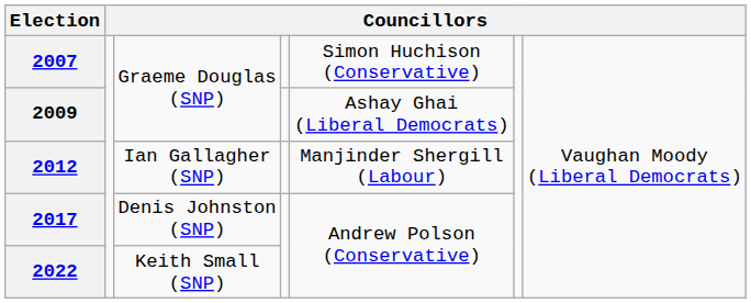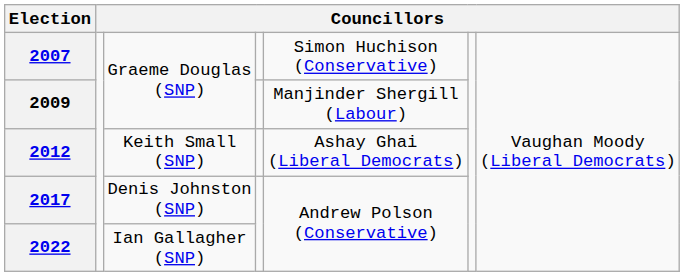 <table class="wikitable" style="text-align:center">
 <tr>
 <th>Election</th>
 <th colspan=6>Councillors</th>
 </tr>
 <tr>
 <th><a href='#'>2007</a></th>
 <td rowspan=5; style="background-color: "></td>
 <td rowspan=2>Graeme Douglas<br>(<a href='#'>SNP</a>)</td>
 <td rowspan=1; style="background-color: "></td>
 <td rowspan=1>Simon Huchison<br>(<a href='#'>Conservative</a>)</td>
 <td rowspan=5; style="background-color: "></td>
 <td rowspan=5>Vaughan Moody<br>(<a href='#'>Liberal Democrats</a>)</td>
 </tr>
 <tr>
 <th>2009</th>
 <td rowspan=1; style="background-color: "></td>
-<td rowspan=1>Ashay Ghai<br>(<a href='#'>Liberal Democrats</a>)</td>
+<td rowspan=1>Manjinder Shergill<br>(<a href='#'>Labour</a>)</td>
 </tr>
 <tr>
 <th><a href='#'>2012</a></th>
-<td rowspan=1>Ian Gallagher<br>(<a href='#'>SNP</a>)</td>
+<td rowspan=1>Keith Small<br>(<a href='#'>SNP</a>)</td>
 <td rowspan=1; style="background-color: "></td>
-<td rowspan=1>Manjinder Shergill<br>(<a href='#'>Labour</a>)</td>
+<td rowspan=1>Ashay Ghai<br>(<a href='#'>Liberal Democrats</a>)</td>
 </tr>
 <tr>
 <th><a href='#'>2017</a></th>
 <td rowspan=1>Denis Johnston<br>(<a href='#'>SNP</a>)</td>
 <td rowspan=2; style="background-color: "></td>
 <td rowspan=2>Andrew Polson<br>(<a href='#'>Conservative</a>)</td>
 </tr>
 <tr>
 <th><a href='#'>2022</a></th>
-<td rowspan=1>Keith Small<br>(<a href='#'>SNP</a>)</td>
+<td rowspan=1>Ian Gallagher<br>(<a href='#'>SNP</a>)</td>
 </tr>
 </table>
